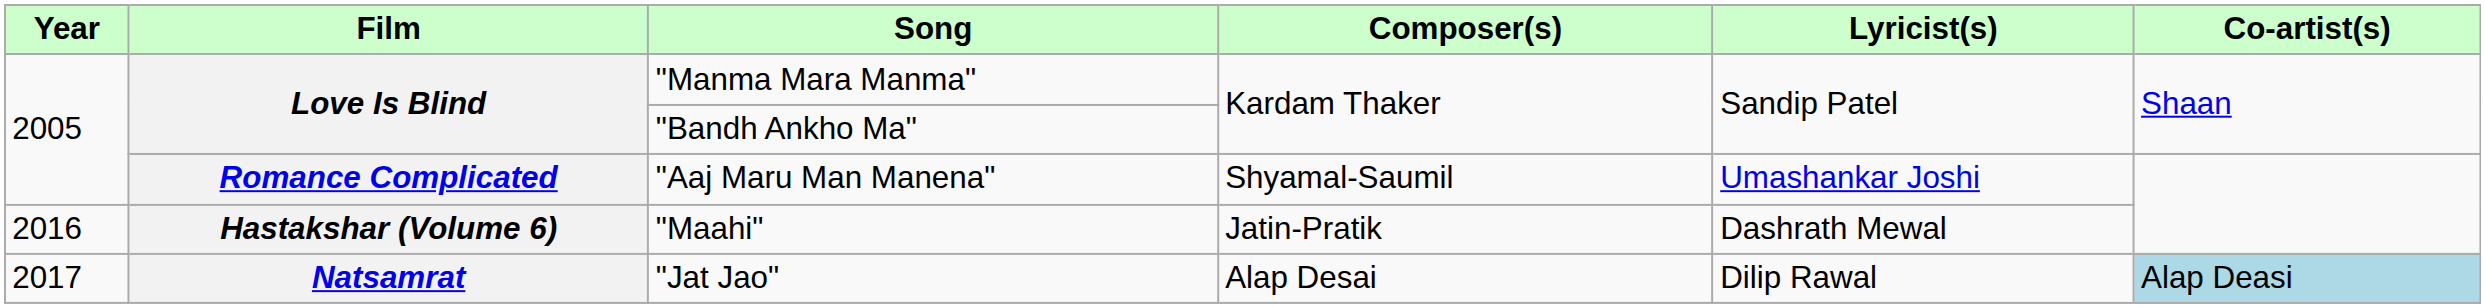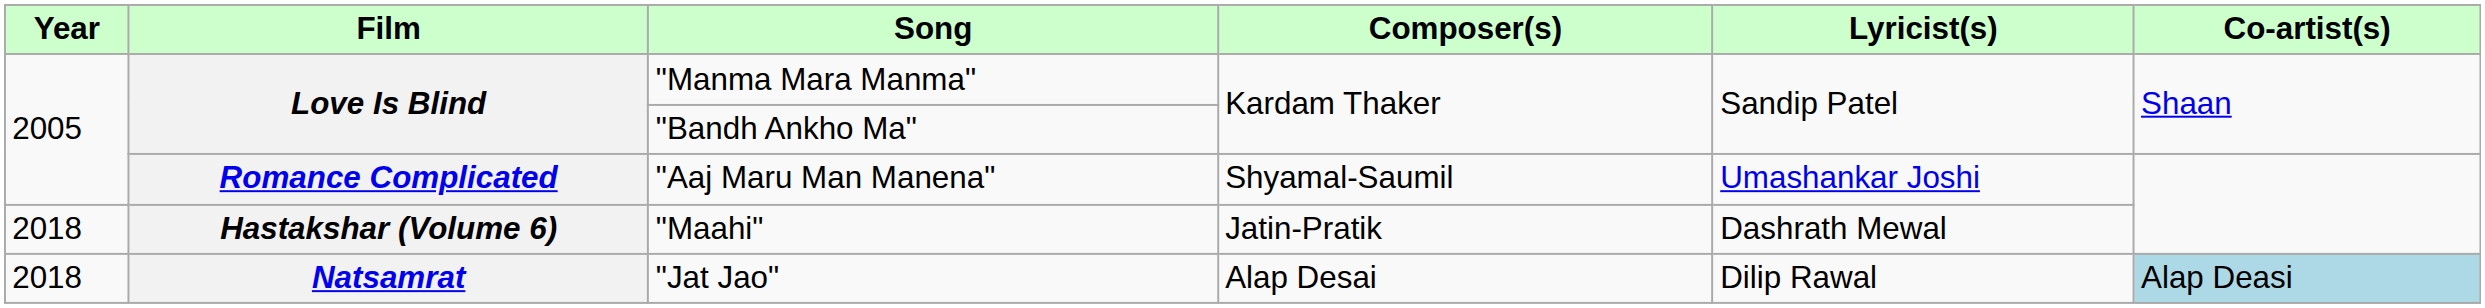 <table class="wikitable plainrowheaders" style="width:100%; textcolor:#000">
 <tr style="background:#cfc; text-align:center;">
 <td scope="col" style="width:5%;"><strong>Year</strong></td>
 <td scope="col" style="width:21%;"><strong>Film</strong></td>
 <td scope="col" style="width:23%;"><strong>Song</strong></td>
 <td scope="col" style="width:20%;"><strong>Composer(s)</strong></td>
 <td scope="col" style="width:17%;"><strong>Lyricist(s)</strong></td>
 <td scope="col" style="width:18%;"><strong>Co-artist(s)</strong></td>
 </tr>
 <tr>
 <td rowspan="3">2005</td>
 <th scope="row" rowspan="2"><em>Love Is Blind</em></th>
 <td>"Manma Mara Manma"</td>
 <td rowspan="2">Kardam Thaker</td>
 <td rowspan="2">Sandip Patel</td>
 <td rowspan="2"><a href='#'>Shaan</a></td>
 </tr>
 <tr>
 <td>"Bandh Ankho Ma"</td>
 </tr>
 <tr>
 <th scope="row"><em><a href='#'>Romance Complicated</a></em></th>
 <td>"Aaj Maru Man Manena"</td>
 <td>Shyamal-Saumil</td>
 <td><a href='#'>Umashankar Joshi</a></td>
 <td rowspan="2"></td>
 </tr>
 <tr>
-<td>2016</td>
+<td>2018</td>
 <th scope="row"><em>Hastakshar (Volume 6)</em></th>
 <td>"Maahi"</td>
 <td>Jatin-Pratik</td>
 <td>Dashrath Mewal</td>
 </tr>
 <tr>
-<td>2017</td>
+<td>2018</td>
 <th scope=" row"><em><a href='#'>Natsamrat</a></em></th>
 <td>"Jat Jao"</td>
 <td>Alap Desai</td>
 <td>Dilip Rawal</td>
 <td style="background: lightblue;">Alap Deasi</td>
 </tr>
 </table>
